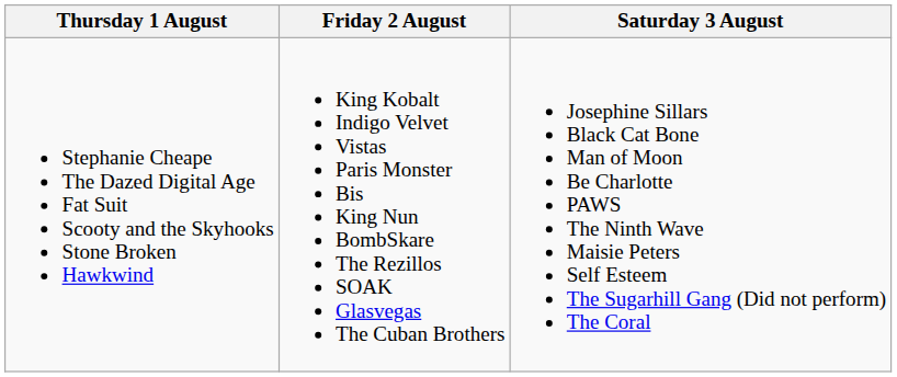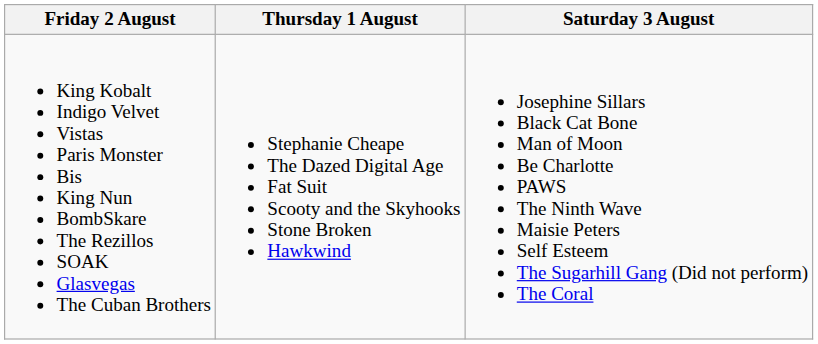 <table class="wikitable">
 <tr>
+<th>Friday 2 August</th>
 <th>Thursday 1 August</th>
-<th>Friday 2 August</th>
 <th>Saturday 3 August</th>
 </tr>
 <tr>
+<td><br><ul><li>King Kobalt</li><li>Indigo Velvet</li><li>Vistas</li><li>Paris Monster</li><li>Bis</li><li>King Nun</li><li>BombSkare</li><li>The Rezillos</li><li>SOAK</li><li><a href='#'>Glasvegas</a></li><li>The Cuban Brothers</li></ul></td>
 <td><br><ul><li>Stephanie Cheape</li><li>The Dazed Digital Age</li><li>Fat Suit</li><li>Scooty and the Skyhooks</li><li>Stone Broken</li><li><a href='#'>Hawkwind</a></li></ul></td>
-<td><br><ul><li>King Kobalt</li><li>Indigo Velvet</li><li>Vistas</li><li>Paris Monster</li><li>Bis</li><li>King Nun</li><li>BombSkare</li><li>The Rezillos</li><li>SOAK</li><li><a href='#'>Glasvegas</a></li><li>The Cuban Brothers</li></ul></td>
 <td><br><ul><li>Josephine Sillars</li><li>Black Cat Bone</li><li>Man of Moon</li><li>Be Charlotte</li><li>PAWS</li><li>The Ninth Wave</li><li>Maisie Peters</li><li>Self Esteem</li><li><a href='#'>The Sugarhill Gang</a> (Did not perform)</li><li><a href='#'>The Coral</a></li></ul></td>
 </tr>
 </table>
